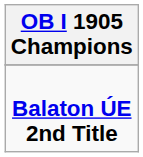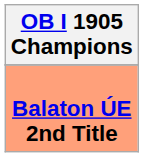 <table class="wikitable" style="text-align: center; margin: 0 auto;">
 <tr>
 <th><a href='#'>OB I</a> 1905<br>Champions</th>
 </tr>
 <tr>
 </tr>
 <tr>
-<td><br><strong><a href='#'>Balaton ÚE</a></strong><br><strong>2nd Title</strong></td>
+<td style="background: lightsalmon;"><br><strong><a href='#'>Balaton ÚE</a></strong><br><strong>2nd Title</strong></td>
 </tr>
 </table>
